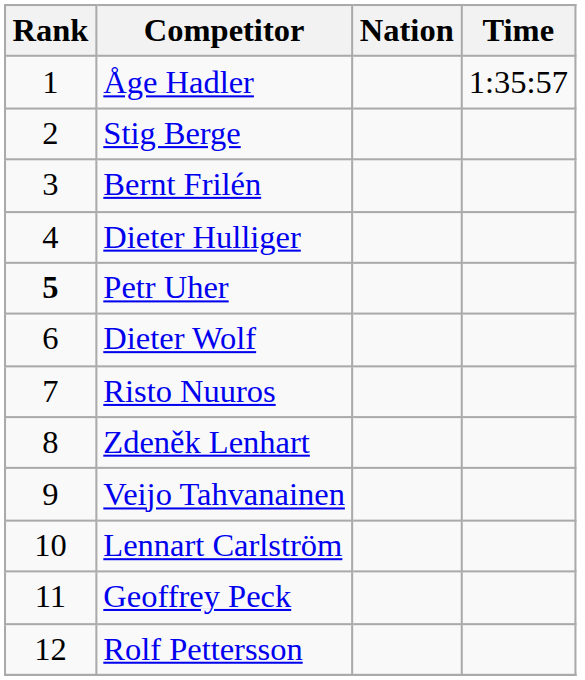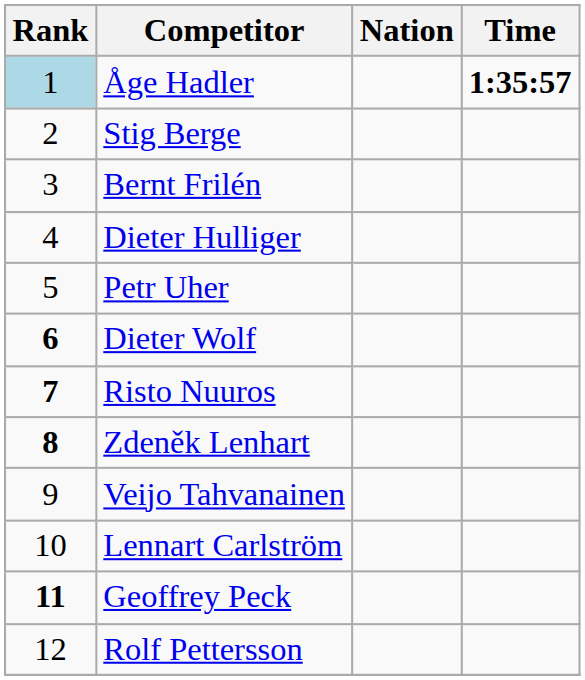 <table class="wikitable sortable" style="text-align:left">
 <tr>
 <th data-sort-type="number">Rank</th>
 <th class="unsortable">Competitor</th>
 <th>Nation</th>
 <th>Time</th>
 </tr>
 <tr>
-<td style="text-align:center">1</td>
+<td style="background: lightblue; text-align:center">1</td>
 <td><a href='#'>Åge Hadler</a></td>
 <td></td>
-<td style="text-align:right">1:35:57</td>
+<td style="text-align:right"><strong>1:35:57</strong></td>
 </tr>
 <tr>
 <td style="text-align:center">2</td>
 <td><a href='#'>Stig Berge</a></td>
 <td></td>
 <td style="text-align:right"></td>
 </tr>
 <tr>
 <td style="text-align:center">3</td>
 <td><a href='#'>Bernt Frilén</a></td>
 <td></td>
 <td style="text-align:right"></td>
 </tr>
 <tr>
 <td style="text-align:center">4</td>
 <td><a href='#'>Dieter Hulliger</a></td>
 <td></td>
 <td style="text-align:right"></td>
 </tr>
 <tr>
-<td style="text-align:center"><strong>5</strong></td>
+<td style="text-align:center">5</td>
 <td><a href='#'>Petr Uher</a></td>
 <td></td>
 <td style="text-align:right"></td>
 </tr>
 <tr>
-<td style="text-align:center">6</td>
+<td style="text-align:center"><strong>6</strong></td>
 <td><a href='#'>Dieter Wolf</a></td>
 <td></td>
 <td style="text-align:right"></td>
 </tr>
 <tr>
-<td style="text-align:center">7</td>
+<td style="text-align:center"><strong>7</strong></td>
 <td><a href='#'>Risto Nuuros</a></td>
 <td></td>
 <td style="text-align:right"></td>
 </tr>
 <tr>
-<td style="text-align:center">8</td>
+<td style="text-align:center"><strong>8</strong></td>
 <td><a href='#'>Zdeněk Lenhart</a></td>
 <td></td>
 <td style="text-align:right"></td>
 </tr>
 <tr>
 <td style="text-align:center">9</td>
 <td><a href='#'>Veijo Tahvanainen</a></td>
 <td></td>
 <td style="text-align:right"></td>
 </tr>
 <tr>
 <td style="text-align:center">10</td>
 <td><a href='#'>Lennart Carlström</a></td>
 <td></td>
 <td style="text-align:right"></td>
 </tr>
 <tr>
-<td style="text-align:center">11</td>
+<td style="text-align:center"><strong>11</strong></td>
 <td><a href='#'>Geoffrey Peck</a></td>
 <td></td>
 <td style="text-align:right"></td>
 </tr>
 <tr>
 <td style="text-align:center">12</td>
 <td><a href='#'>Rolf Pettersson</a></td>
 <td></td>
 <td style="text-align:right"></td>
 </tr>
 <tr>
 </tr>
 </table>
